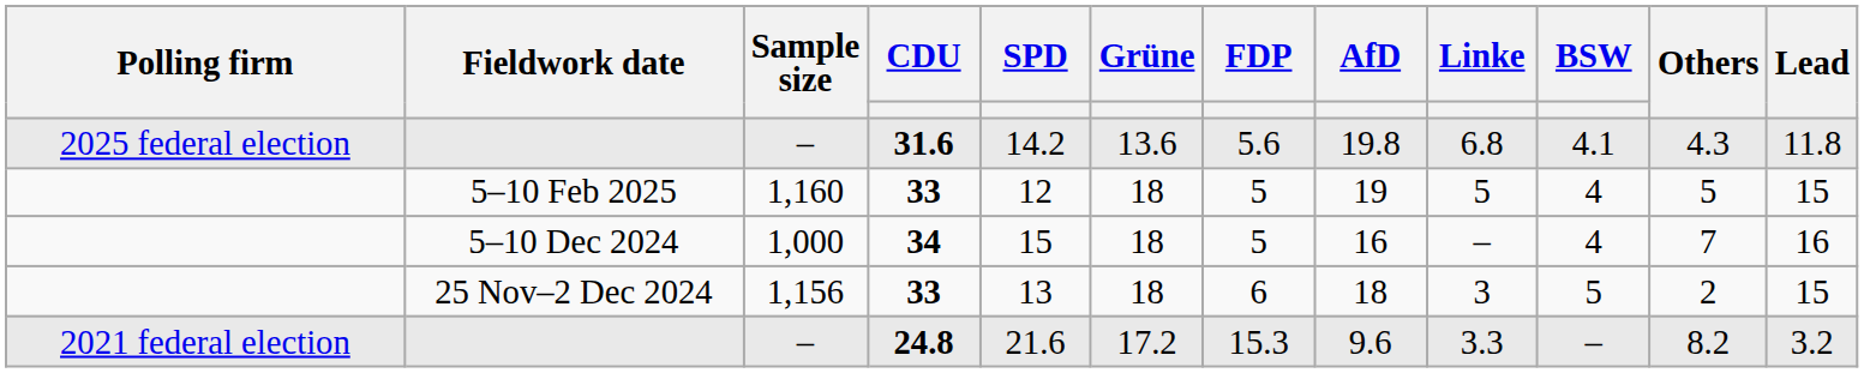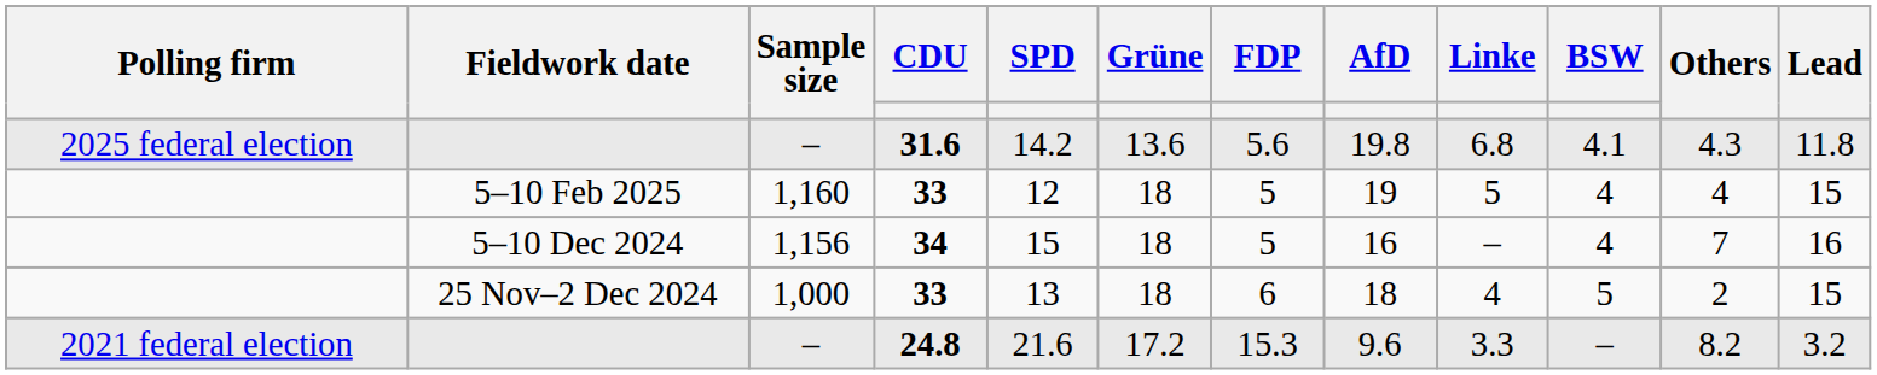 <table class="wikitable sortable mw-datatable" style="text-align:center;font-size:90%;line-height:14px;">
 <tr style="height:40px;">
 <th style="width:160px;" rowspan="2">Polling firm</th>
 <th style="width:135px;" rowspan="2">Fieldwork date</th>
 <th style="width:35px;" rowspan="2">Sample<br>size</th>
 <th class="unsortable" style="width:40px;"><a href='#'>CDU</a></th>
 <th class="unsortable" style="width:40px;"><a href='#'>SPD</a></th>
 <th class="unsortable" style="width:40px;"><a href='#'>Grüne</a></th>
 <th class="unsortable" style="width:40px;"><a href='#'>FDP</a></th>
 <th class="unsortable" style="width:40px;"><a href='#'>AfD</a></th>
 <th class="unsortable" style="width:40px;"><a href='#'>Linke</a></th>
 <th class="unsortable" style="width:40px;"><a href='#'>BSW</a></th>
 <th class="unsortable" style="width:30px;" rowspan="2">Others</th>
 <th style="width:30px;" rowspan="2">Lead</th>
 </tr>
 <tr>
 <th style="background:"></th>
 <th style="background:"></th>
 <th style="background:"></th>
 <th style="background:"></th>
 <th style="background:"></th>
 <th style="background:"></th>
 <th style="background:"></th>
 </tr>
 <tr style="background:#E9E9E9;">
 <td><a href='#'>2025 federal election</a></td>
 <td></td>
 <td>–</td>
 <td><strong>31.6</strong></td>
 <td>14.2</td>
 <td>13.6</td>
 <td>5.6</td>
 <td>19.8</td>
 <td>6.8</td>
 <td>4.1</td>
 <td>4.3</td>
 <td style="background:">11.8</td>
 </tr>
 <tr>
 <td></td>
 <td>5–10 Feb 2025</td>
 <td>1,160</td>
 <td><strong>33</strong></td>
 <td>12</td>
 <td>18</td>
 <td>5</td>
 <td>19</td>
 <td>5</td>
 <td>4</td>
-<td>5</td>
+<td>4</td>
 <td style="background:">15</td>
 </tr>
 <tr>
 <td></td>
 <td>5–10 Dec 2024</td>
-<td>1,000</td>
+<td>1,156</td>
 <td><strong>34</strong></td>
 <td>15</td>
 <td>18</td>
 <td>5</td>
 <td>16</td>
 <td>–</td>
 <td>4</td>
 <td>7</td>
 <td style="background:">16</td>
 </tr>
 <tr>
 <td></td>
 <td>25 Nov–2 Dec 2024</td>
-<td>1,156</td>
+<td>1,000</td>
 <td><strong>33</strong></td>
 <td>13</td>
 <td>18</td>
 <td>6</td>
 <td>18</td>
-<td>3</td>
+<td>4</td>
 <td>5</td>
 <td>2</td>
 <td style="background:">15</td>
 </tr>
 <tr style="background:#E9E9E9;">
 <td><a href='#'>2021 federal election</a></td>
 <td></td>
 <td>–</td>
 <td><strong>24.8</strong></td>
 <td>21.6</td>
 <td>17.2</td>
 <td>15.3</td>
 <td>9.6</td>
 <td>3.3</td>
 <td>–</td>
 <td>8.2</td>
 <td style="background:">3.2</td>
 </tr>
 </table>
